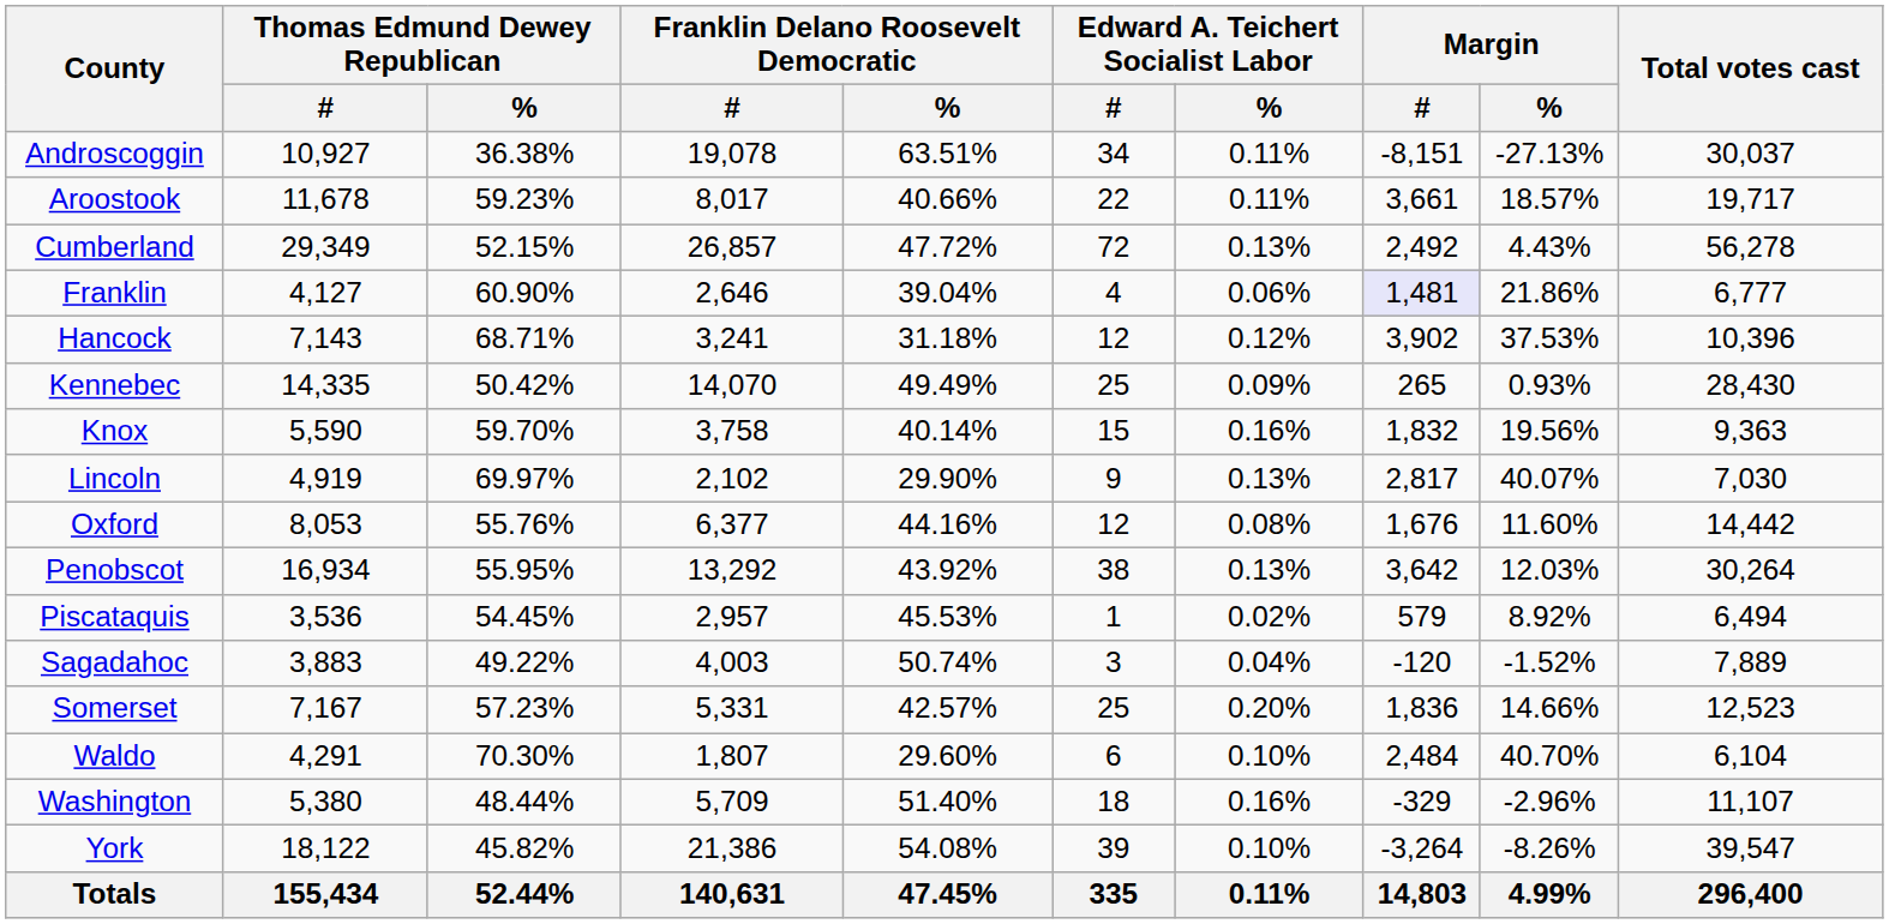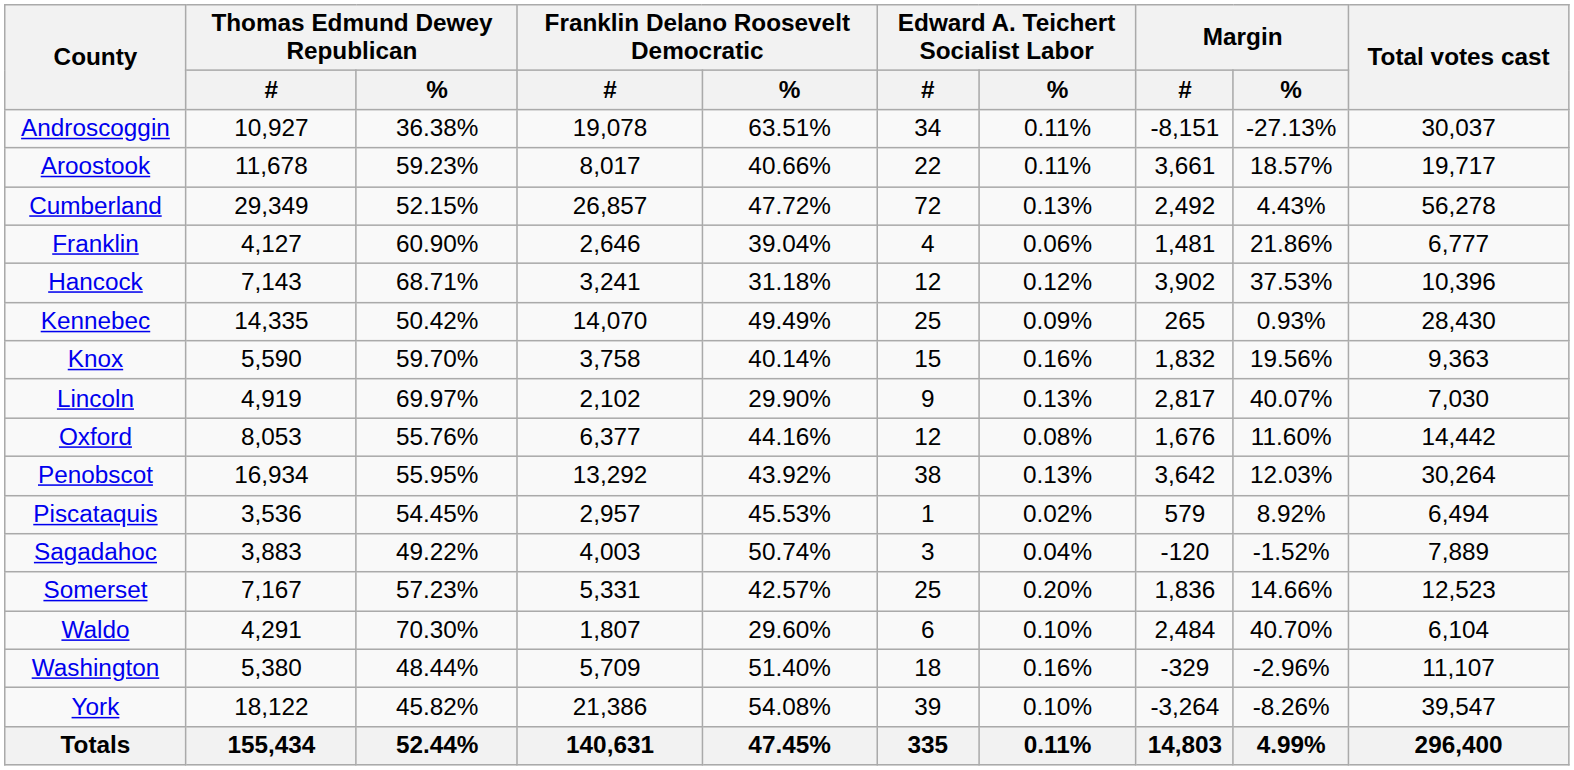 <table width="65%" class="wikitable sortable">
 <tr>
 <th rowspan="2">County</th>
 <th colspan="2">Thomas Edmund Dewey<br>Republican</th>
 <th colspan="2">Franklin Delano Roosevelt<br>Democratic</th>
 <th colspan="2">Edward A. Teichert<br>Socialist Labor</th>
 <th colspan="2">Margin</th>
 <th rowspan="2">Total votes cast</th>
 </tr>
 <tr bgcolor="lightgrey">
 <th>#</th>
 <th>%</th>
 <th>#</th>
 <th>%</th>
 <th>#</th>
 <th>%</th>
 <th>#</th>
 <th>%</th>
 </tr>
 <tr style="text-align:center;">
 <td><a href='#'>Androscoggin</a></td>
 <td>10,927</td>
 <td>36.38%</td>
 <td>19,078</td>
 <td>63.51%</td>
 <td>34</td>
 <td>0.11%</td>
 <td>-8,151</td>
 <td>-27.13%</td>
 <td>30,037</td>
 </tr>
 <tr style="text-align:center;">
 <td><a href='#'>Aroostook</a></td>
 <td>11,678</td>
 <td>59.23%</td>
 <td>8,017</td>
 <td>40.66%</td>
 <td>22</td>
 <td>0.11%</td>
 <td>3,661</td>
 <td>18.57%</td>
 <td>19,717</td>
 </tr>
 <tr style="text-align:center;">
 <td><a href='#'>Cumberland</a></td>
 <td>29,349</td>
 <td>52.15%</td>
 <td>26,857</td>
 <td>47.72%</td>
 <td>72</td>
 <td>0.13%</td>
 <td>2,492</td>
 <td>4.43%</td>
 <td>56,278</td>
 </tr>
 <tr style="text-align:center;">
 <td><a href='#'>Franklin</a></td>
 <td>4,127</td>
 <td>60.90%</td>
 <td>2,646</td>
 <td>39.04%</td>
 <td>4</td>
 <td>0.06%</td>
-<td style="background: lavender;">1,481</td>
+<td>1,481</td>
 <td>21.86%</td>
 <td>6,777</td>
 </tr>
 <tr style="text-align:center;">
 <td><a href='#'>Hancock</a></td>
 <td>7,143</td>
 <td>68.71%</td>
 <td>3,241</td>
 <td>31.18%</td>
 <td>12</td>
 <td>0.12%</td>
 <td>3,902</td>
 <td>37.53%</td>
 <td>10,396</td>
 </tr>
 <tr style="text-align:center;">
 <td><a href='#'>Kennebec</a></td>
 <td>14,335</td>
 <td>50.42%</td>
 <td>14,070</td>
 <td>49.49%</td>
 <td>25</td>
 <td>0.09%</td>
 <td>265</td>
 <td>0.93%</td>
 <td>28,430</td>
 </tr>
 <tr style="text-align:center;">
 <td><a href='#'>Knox</a></td>
 <td>5,590</td>
 <td>59.70%</td>
 <td>3,758</td>
 <td>40.14%</td>
 <td>15</td>
 <td>0.16%</td>
 <td>1,832</td>
 <td>19.56%</td>
 <td>9,363</td>
 </tr>
 <tr style="text-align:center;">
 <td><a href='#'>Lincoln</a></td>
 <td>4,919</td>
 <td>69.97%</td>
 <td>2,102</td>
 <td>29.90%</td>
 <td>9</td>
 <td>0.13%</td>
 <td>2,817</td>
 <td>40.07%</td>
 <td>7,030</td>
 </tr>
 <tr style="text-align:center;">
 <td><a href='#'>Oxford</a></td>
 <td>8,053</td>
 <td>55.76%</td>
 <td>6,377</td>
 <td>44.16%</td>
 <td>12</td>
 <td>0.08%</td>
 <td>1,676</td>
 <td>11.60%</td>
 <td>14,442</td>
 </tr>
 <tr style="text-align:center;">
 <td><a href='#'>Penobscot</a></td>
 <td>16,934</td>
 <td>55.95%</td>
 <td>13,292</td>
 <td>43.92%</td>
 <td>38</td>
 <td>0.13%</td>
 <td>3,642</td>
 <td>12.03%</td>
 <td>30,264</td>
 </tr>
 <tr style="text-align:center;">
 <td><a href='#'>Piscataquis</a></td>
 <td>3,536</td>
 <td>54.45%</td>
 <td>2,957</td>
 <td>45.53%</td>
 <td>1</td>
 <td>0.02%</td>
 <td>579</td>
 <td>8.92%</td>
 <td>6,494</td>
 </tr>
 <tr style="text-align:center;">
 <td><a href='#'>Sagadahoc</a></td>
 <td>3,883</td>
 <td>49.22%</td>
 <td>4,003</td>
 <td>50.74%</td>
 <td>3</td>
 <td>0.04%</td>
 <td>-120</td>
 <td>-1.52%</td>
 <td>7,889</td>
 </tr>
 <tr style="text-align:center;">
 <td><a href='#'>Somerset</a></td>
 <td>7,167</td>
 <td>57.23%</td>
 <td>5,331</td>
 <td>42.57%</td>
 <td>25</td>
 <td>0.20%</td>
 <td>1,836</td>
 <td>14.66%</td>
 <td>12,523</td>
 </tr>
 <tr style="text-align:center;">
 <td><a href='#'>Waldo</a></td>
 <td>4,291</td>
 <td>70.30%</td>
 <td>1,807</td>
 <td>29.60%</td>
 <td>6</td>
 <td>0.10%</td>
 <td>2,484</td>
 <td>40.70%</td>
 <td>6,104</td>
 </tr>
 <tr style="text-align:center;">
 <td><a href='#'>Washington</a></td>
 <td>5,380</td>
 <td>48.44%</td>
 <td>5,709</td>
 <td>51.40%</td>
 <td>18</td>
 <td>0.16%</td>
 <td>-329</td>
 <td>-2.96%</td>
 <td>11,107</td>
 </tr>
 <tr style="text-align:center;">
 <td><a href='#'>York</a></td>
 <td>18,122</td>
 <td>45.82%</td>
 <td>21,386</td>
 <td>54.08%</td>
 <td>39</td>
 <td>0.10%</td>
 <td>-3,264</td>
 <td>-8.26%</td>
 <td>39,547</td>
 </tr>
 <tr style="text-align:center;">
 <th>Totals</th>
 <th>155,434</th>
 <th>52.44%</th>
 <th>140,631</th>
 <th>47.45%</th>
 <th>335</th>
 <th>0.11%</th>
 <th>14,803</th>
 <th>4.99%</th>
 <th>296,400</th>
 </tr>
 </table>
